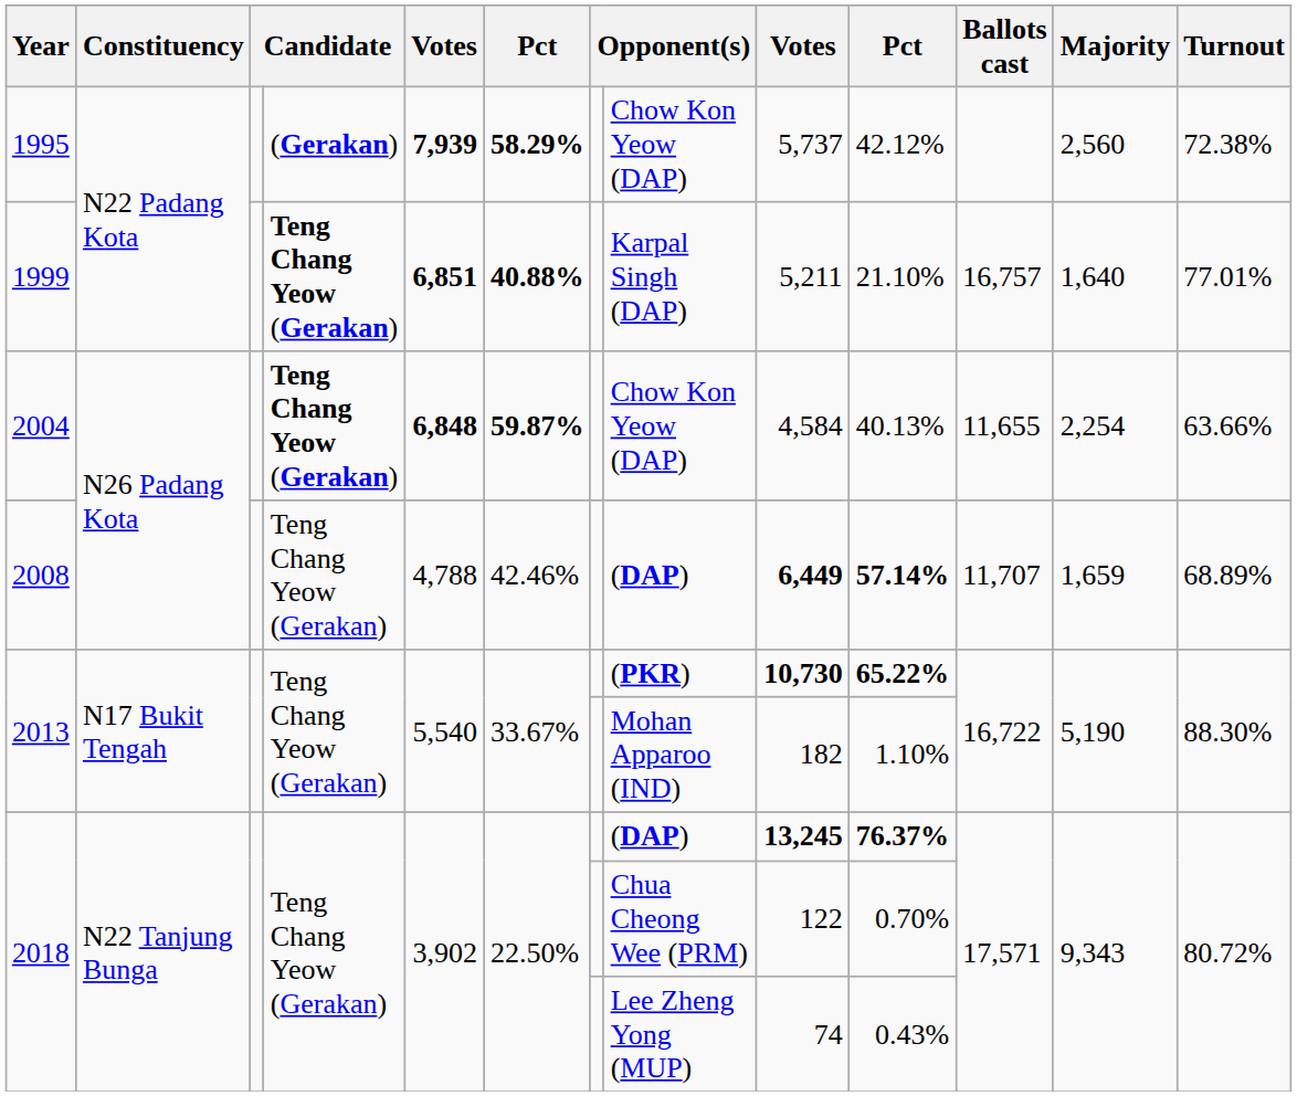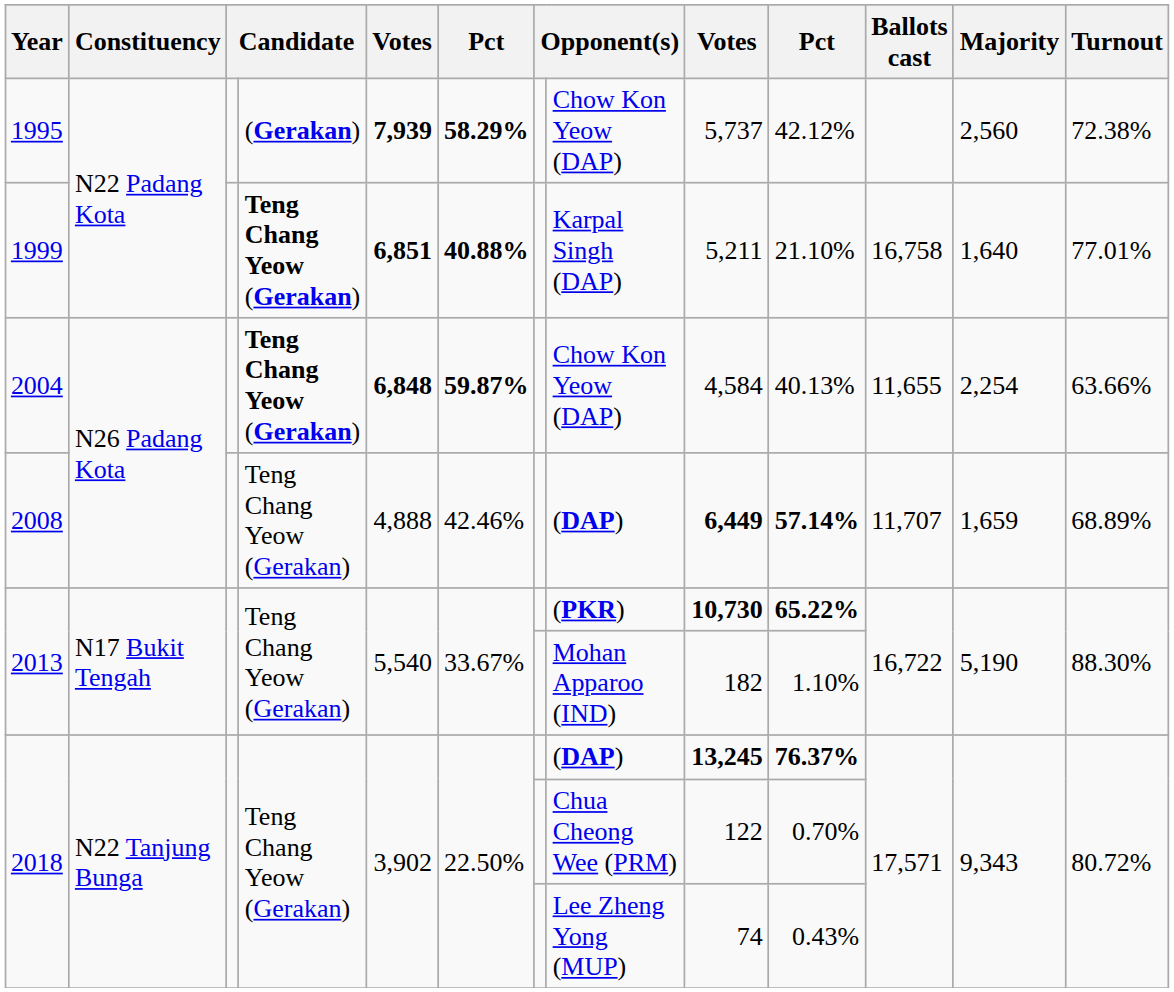 <table class="wikitable" style="margin:0.5em ; font-size:95%">
 <tr>
 <th>Year</th>
 <th>Constituency</th>
 <th colspan="2">Candidate</th>
 <th>Votes</th>
 <th>Pct</th>
 <th colspan="2">Opponent(s)</th>
 <th>Votes</th>
 <th>Pct</th>
 <th>Ballots cast</th>
 <th>Majority</th>
 <th>Turnout</th>
 </tr>
 <tr>
 <td><a href='#'>1995</a></td>
 <td rowspan=2>N22 <a href='#'>Padang Kota</a></td>
 <td></td>
 <td> (<a href='#'><strong>Gerakan</strong></a>)</td>
 <td align=right><strong>7,939</strong></td>
 <td><strong>58.29%</strong></td>
 <td></td>
 <td><a href='#'>Chow Kon Yeow</a> (<a href='#'>DAP</a>)</td>
 <td align=right>5,737</td>
 <td>42.12%</td>
 <td></td>
 <td>2,560</td>
 <td>72.38%</td>
 </tr>
 <tr>
 <td><a href='#'>1999</a></td>
 <td></td>
 <td><strong>Teng Chang Yeow</strong> (<a href='#'><strong>Gerakan</strong></a>)</td>
 <td align=right><strong>6,851</strong></td>
 <td><strong>40.88%</strong></td>
 <td></td>
 <td><a href='#'>Karpal Singh</a> (<a href='#'>DAP</a>)</td>
 <td align=right>5,211</td>
 <td>21.10%</td>
-<td>16,757</td>
+<td>16,758</td>
 <td>1,640</td>
 <td>77.01%</td>
 </tr>
 <tr>
 <td><a href='#'>2004</a></td>
 <td rowspan=2>N26 <a href='#'>Padang Kota</a></td>
 <td></td>
 <td><strong>Teng Chang Yeow</strong> (<a href='#'><strong>Gerakan</strong></a>)</td>
 <td align=right><strong>6,848</strong></td>
 <td><strong>59.87%</strong></td>
 <td></td>
 <td><a href='#'>Chow Kon Yeow</a> (<a href='#'>DAP</a>)</td>
 <td align=right>4,584</td>
 <td>40.13%</td>
 <td>11,655</td>
 <td>2,254</td>
 <td>63.66%</td>
 </tr>
 <tr>
 <td><a href='#'>2008</a></td>
 <td></td>
 <td>Teng Chang Yeow (<a href='#'>Gerakan</a>)</td>
-<td align=right>4,788</td>
+<td align=right>4,888</td>
 <td>42.46%</td>
 <td></td>
 <td> (<a href='#'><strong>DAP</strong></a>)</td>
 <td align=right><strong>6,449</strong></td>
 <td><strong>57.14%</strong></td>
 <td>11,707</td>
 <td>1,659</td>
 <td>68.89%</td>
 </tr>
 <tr>
 <td rowspan="2"><a href='#'>2013</a></td>
 <td rowspan="2">N17 <a href='#'>Bukit Tengah</a></td>
 <td rowspan=2 ></td>
 <td rowspan="2">Teng Chang Yeow (<a href='#'>Gerakan</a>)</td>
 <td rowspan="2" align=right>5,540</td>
 <td rowspan="2">33.67%</td>
 <td></td>
 <td> (<a href='#'><strong>PKR</strong></a>)</td>
 <td align=right><strong>10,730</strong></td>
 <td><strong>65.22%</strong></td>
 <td rowspan=2>16,722</td>
 <td rowspan="2">5,190</td>
 <td rowspan="2">88.30%</td>
 </tr>
 <tr>
 <td></td>
 <td><a href='#'>Mohan Apparoo</a> (<a href='#'>IND</a>)</td>
 <td align=right>182</td>
 <td align=right>1.10%</td>
 </tr>
 <tr>
 <td rowspan="3"><a href='#'>2018</a></td>
 <td rowspan="3">N22 <a href='#'>Tanjung Bunga</a></td>
 <td rowspan=3 ></td>
 <td rowspan="3">Teng Chang Yeow (<a href='#'>Gerakan</a>)</td>
 <td rowspan="3" align=right>3,902</td>
 <td rowspan="3">22.50%</td>
 <td></td>
 <td> (<a href='#'><strong>DAP</strong></a>)</td>
 <td align=right><strong>13,245</strong></td>
 <td><strong>76.37%</strong></td>
 <td rowspan=3>17,571</td>
 <td rowspan=3>9,343</td>
 <td rowspan=3>80.72%</td>
 </tr>
 <tr>
 <td bgcolor=></td>
 <td><a href='#'>Chua Cheong Wee</a> (<a href='#'>PRM</a>)</td>
 <td align=right>122</td>
 <td align=right>0.70%</td>
 </tr>
 <tr>
 <td style="background-color: "></td>
 <td><a href='#'>Lee Zheng Yong</a> (<a href='#'>MUP</a>)</td>
 <td align=right>74</td>
 <td align=right>0.43%</td>
 </tr>
 </table>
